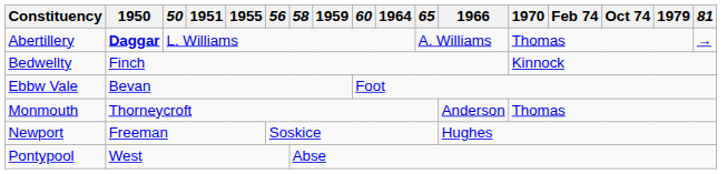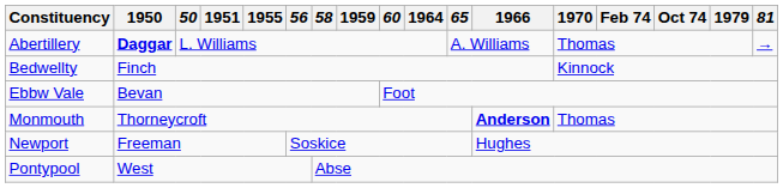 <table class="wikitable">
 <tr>
 <th>Constituency</th>
 <th>1950</th>
 <th><em>50</em></th>
 <th>1951</th>
 <th>1955</th>
 <th><em>56</em></th>
 <th><em>58</em></th>
 <th>1959</th>
 <th><em>60</em></th>
 <th>1964</th>
 <th><em>65</em></th>
 <th>1966</th>
 <th>1970</th>
 <th>Feb 74</th>
 <th>Oct 74</th>
 <th>1979</th>
 <th><em>81</em></th>
 </tr>
 <tr>
 <td><a href='#'>Abertillery</a></td>
 <td><strong><a href='#'>Daggar</a></strong></td>
 <td colspan="8"><a href='#'>L. Williams</a></td>
 <td colspan="2"><a href='#'>A. Williams</a></td>
 <td colspan="4"><a href='#'>Thomas</a></td>
 <td><a href='#'>→</a></td>
 </tr>
 <tr>
 <td><a href='#'>Bedwellty</a></td>
 <td colspan="11"><a href='#'>Finch</a></td>
 <td colspan="5"><a href='#'>Kinnock</a></td>
 </tr>
 <tr>
 <td><a href='#'>Ebbw Vale</a></td>
 <td colspan="7"><a href='#'>Bevan</a></td>
 <td colspan="9"><a href='#'>Foot</a></td>
 </tr>
 <tr>
 <td><a href='#'>Monmouth</a></td>
 <td colspan="10"><a href='#'>Thorneycroft</a></td>
-<td><a href='#'>Anderson</a></td>
+<td><strong><a href='#'>Anderson</a></strong></td>
 <td colspan="5"><a href='#'>Thomas</a></td>
 </tr>
 <tr>
 <td><a href='#'>Newport</a></td>
 <td colspan="4"><a href='#'>Freeman</a></td>
 <td colspan="6"><a href='#'>Soskice</a></td>
 <td colspan="6"><a href='#'>Hughes</a></td>
 </tr>
 <tr>
 <td><a href='#'>Pontypool</a></td>
 <td colspan="5"><a href='#'>West</a></td>
 <td colspan="11"><a href='#'>Abse</a></td>
 </tr>
 </table>
